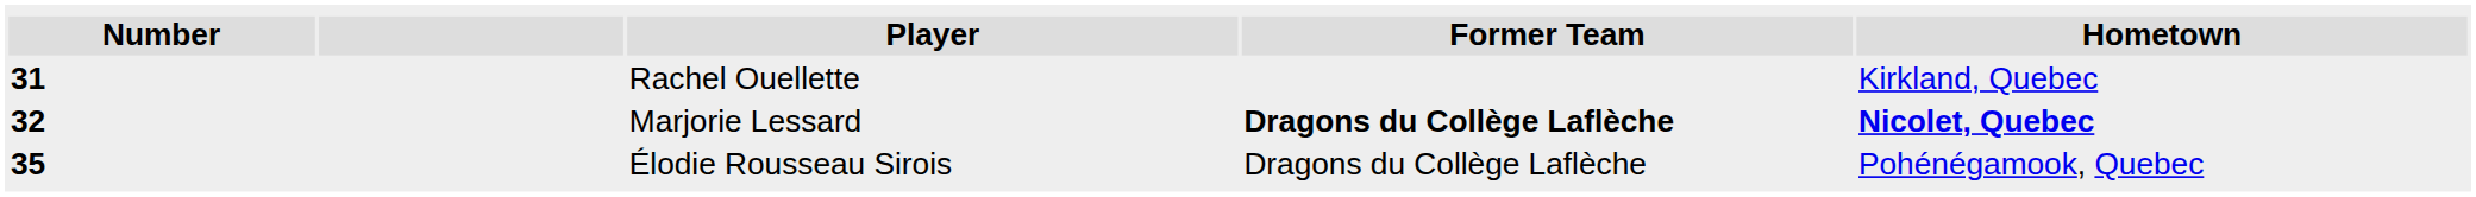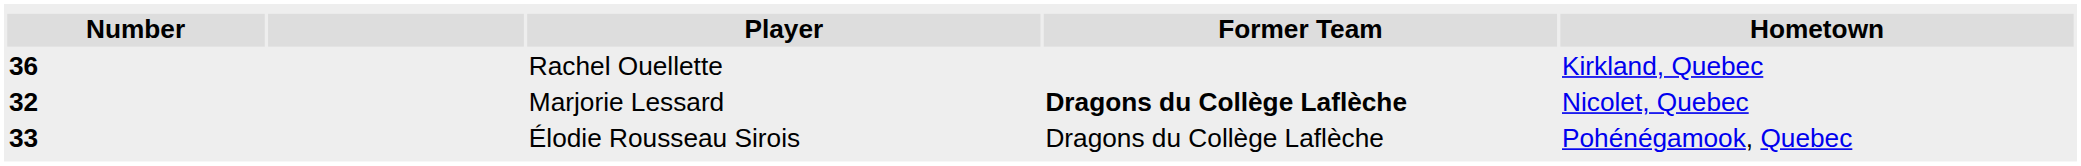 <table style="texti-align:center; background:#eeeeee;">
 <tr>
 <th colspan=2></th>
 </tr>
 <tr style="background:#dddddd;">
 <th width=5%>Number</th>
 <th width=5%></th>
 <th width=10%>Player</th>
 <th width=10%>Former Team</th>
 <th width=10%>Hometown</th>
 </tr>
 <tr>
-<td><strong>31</strong></td>
+<td><strong>36</strong></td>
 <td></td>
 <td>Rachel Ouellette</td>
 <td></td>
 <td><a href='#'>Kirkland, Quebec</a></td>
 </tr>
 <tr>
 <td><strong>32</strong></td>
 <td></td>
 <td>Marjorie Lessard</td>
 <td><strong>Dragons du Collège Laflèche</strong></td>
-<td><strong><a href='#'>Nicolet, Quebec</a></strong></td>
+<td><a href='#'>Nicolet, Quebec</a></td>
 </tr>
 <tr>
-<td><strong>35</strong></td>
+<td><strong>33</strong></td>
 <td></td>
 <td>Élodie Rousseau Sirois</td>
 <td>Dragons du Collège Laflèche</td>
 <td><a href='#'>Pohénégamook</a>, <a href='#'>Quebec</a></td>
 </tr>
 <tr>
 </tr>
 </table>
